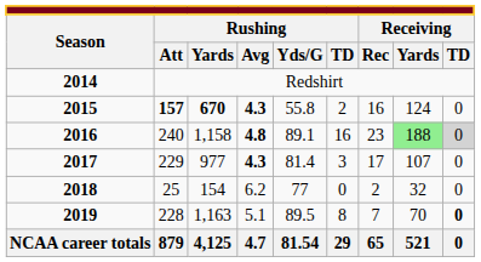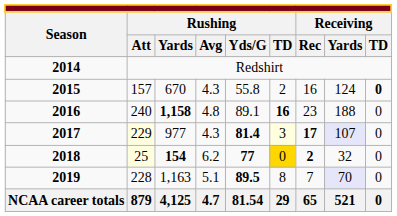 <table class=wikitable style="text-align:center;">
 <tr>
 <td ! colspan="14" style="background: #7A0019; border: 2px solid #FFCC33; color:#FFCC33;"></td>
 </tr>
 <tr>
 <th rowspan=2>Season</th>
 <th colspan=5>Rushing</th>
 <th colspan=3>Receiving</th>
 </tr>
 <tr>
 <th>Att</th>
 <th>Yards</th>
 <th>Avg</th>
 <th>Yds/G</th>
 <th>TD</th>
 <th>Rec</th>
 <th>Yards</th>
 <th>TD</th>
 </tr>
 <tr>
 <td><strong>2014</strong></td>
 <td colspan=8>Redshirt</td>
 </tr>
 <tr>
 <td><strong>2015</strong></td>
-<td><strong>157</strong></td>
-<td><strong>670</strong></td>
-<td><strong>4.3</strong></td>
+<td>157</td>
+<td>670</td>
+<td>4.3</td>
 <td>55.8</td>
 <td>2</td>
 <td>16</td>
 <td>124</td>
-<td>0</td>
+<td><strong>0</strong></td>
 </tr>
 <tr>
 <td><strong>2016</strong></td>
 <td>240</td>
-<td>1,158</td>
-<td><strong>4.8</strong></td>
+<td><strong>1,158</strong></td>
+<td>4.8</td>
 <td>89.1</td>
-<td>16</td>
+<td><strong>16</strong></td>
 <td>23</td>
-<td style="background: lightgreen;">188</td>
-<td style="background: lightgrey;">0</td>
+<td>188</td>
+<td>0</td>
 </tr>
 <tr>
 <td><strong>2017</strong></td>
-<td>229</td>
+<td style="background: lightyellow;">229</td>
 <td>977</td>
-<td><strong>4.3</strong></td>
-<td>81.4</td>
-<td>3</td>
-<td>17</td>
-<td>107</td>
+<td>4.3</td>
+<td><strong>81.4</strong></td>
+<td style="background: lightyellow;">3</td>
+<td><strong>17</strong></td>
+<td style="background: lavender;">107</td>
 <td>0</td>
 </tr>
 <tr>
 <td><strong>2018</strong></td>
-<td>25</td>
-<td>154</td>
+<td style="background: lightyellow;">25</td>
+<td><strong>154</strong></td>
 <td>6.2</td>
-<td>77</td>
-<td>0</td>
-<td>2</td>
+<td><strong>77</strong></td>
+<td style="background: gold;">0</td>
+<td><strong>2</strong></td>
 <td>32</td>
 <td>0</td>
 </tr>
 <tr>
 <td><strong>2019</strong></td>
 <td>228</td>
 <td>1,163</td>
 <td>5.1</td>
-<td>89.5</td>
+<td><strong>89.5</strong></td>
 <td>8</td>
 <td>7</td>
-<td>70</td>
-<td><strong>0</strong></td>
+<td style="background: lavender;">70</td>
+<td>0</td>
 </tr>
 <tr>
 <th>NCAA career totals</th>
 <th>879</th>
 <th>4,125</th>
 <th>4.7</th>
 <th>81.54</th>
 <th>29</th>
 <th>65</th>
 <th>521</th>
 <th>0</th>
 </tr>
 </table>
